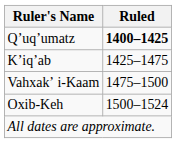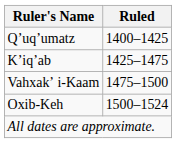 <table class="wikitable" style="float:right;margin:.5em"  border="1">
 <tr>
 <th>Ruler's Name</th>
 <th>Ruled</th>
 </tr>
 <tr>
 <td>Qʼuqʼumatz</td>
-<td><strong>1400–1425</strong></td>
+<td>1400–1425</td>
 </tr>
 <tr>
 <td>Kʼiqʼab</td>
 <td>1425–1475</td>
 </tr>
 <tr>
 <td>Vahxakʼ i-Kaam</td>
 <td>1475–1500</td>
 </tr>
 <tr>
 <td>Oxib-Keh</td>
 <td>1500–1524</td>
 </tr>
 <tr>
 <td colspan="2"><em>All dates are approximate.</em></td>
 </tr>
 </table>
